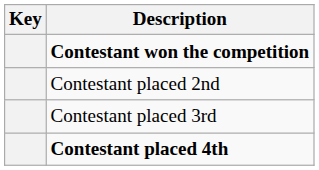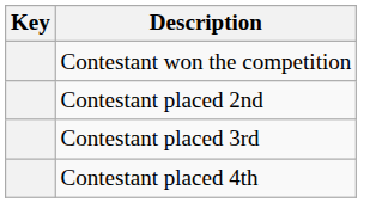 <table class="wikitable">
 <tr>
 <th scope="col">Key</th>
 <th scope="col">Description</th>
 </tr>
 <tr>
 <th scope="row" style="text-align:center; height:20px; width:20px"></th>
-<td><strong>Contestant won the competition</strong></td>
+<td>Contestant won the competition</td>
 </tr>
 <tr>
 <th scope="row" style="text-align:center; height:20px; width:20px"></th>
 <td>Contestant placed 2nd</td>
 </tr>
 <tr>
 <th scope="row" style="text-align:center; height:20px; width:20px"></th>
 <td>Contestant placed 3rd</td>
 </tr>
 <tr>
 <th scope="row" style="text-align:center; height:20px; width:20px"></th>
-<td><strong>Contestant placed 4th</strong></td>
+<td>Contestant placed 4th</td>
 </tr>
 </table>
